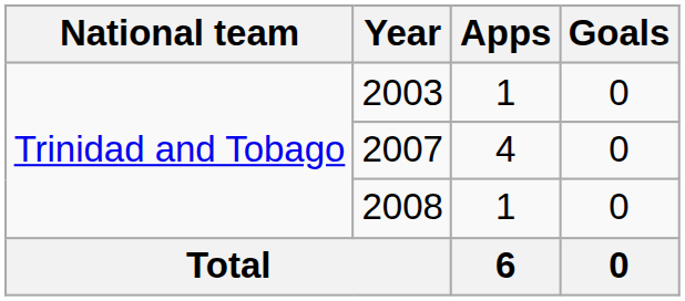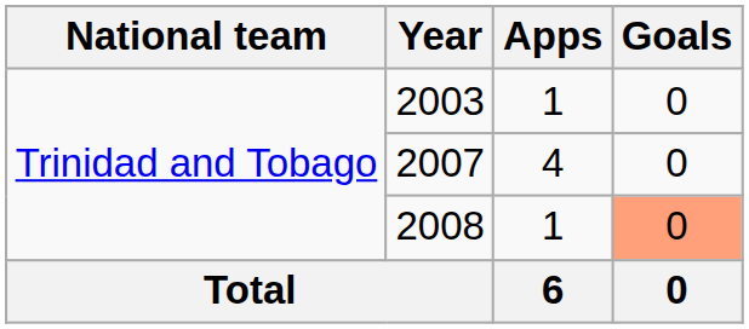 <table class="wikitable" style="text-align:center">
 <tr>
 <th>National team</th>
 <th>Year</th>
 <th>Apps</th>
 <th>Goals</th>
 </tr>
 <tr>
 <td rowspan="3"><a href='#'>Trinidad and Tobago</a></td>
 <td>2003</td>
 <td>1</td>
 <td>0</td>
 </tr>
 <tr>
 <td>2007</td>
 <td>4</td>
 <td>0</td>
 </tr>
 <tr>
 <td>2008</td>
 <td>1</td>
-<td>0</td>
+<td style="background: lightsalmon;">0</td>
 </tr>
 <tr>
 <th colspan=2>Total</th>
 <th>6</th>
 <th>0</th>
 </tr>
 </table>
